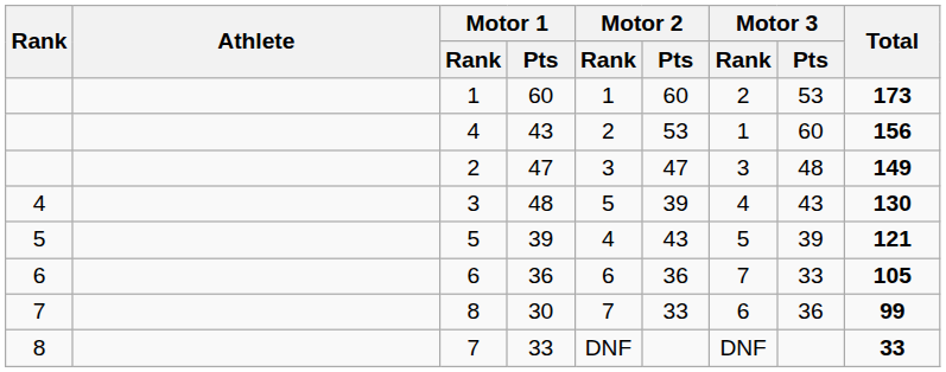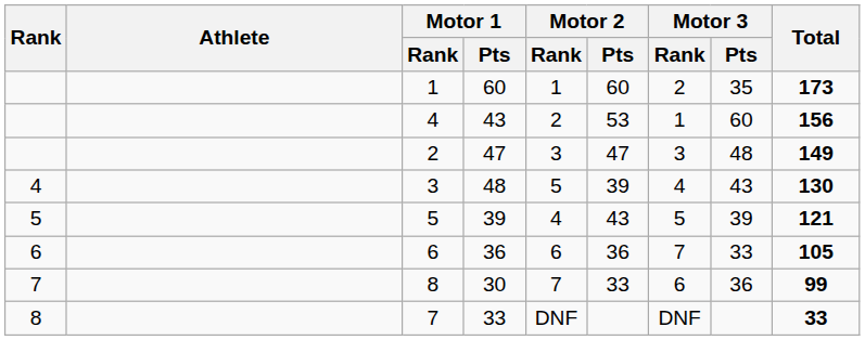 <table class=wikitable style="text-align:center">
 <tr>
 <th width=40 rowspan=2>Rank</th>
 <th width=250 rowspan=2>Athlete</th>
 <th colspan=2>Motor 1</th>
 <th colspan=2>Motor 2</th>
 <th colspan=2>Motor 3</th>
 <th width=60 rowspan=2>Total</th>
 </tr>
 <tr>
 <th width=40>Rank</th>
 <th width=40>Pts</th>
 <th width=40>Rank</th>
 <th width=40>Pts</th>
 <th width=40>Rank</th>
 <th width=40>Pts</th>
 </tr>
 <tr>
 <td></td>
 <td align=left></td>
 <td>1</td>
 <td>60</td>
 <td>1</td>
 <td>60</td>
 <td>2</td>
-<td>53</td>
+<td>35</td>
 <td><strong>173</strong></td>
 </tr>
 <tr>
 <td></td>
 <td align=left></td>
 <td>4</td>
 <td>43</td>
 <td>2</td>
 <td>53</td>
 <td>1</td>
 <td>60</td>
 <td><strong>156</strong></td>
 </tr>
 <tr>
 <td></td>
 <td align=left></td>
 <td>2</td>
 <td>47</td>
 <td>3</td>
 <td>47</td>
 <td>3</td>
 <td>48</td>
 <td><strong>149</strong></td>
 </tr>
 <tr>
 <td>4</td>
 <td align=left></td>
 <td>3</td>
 <td>48</td>
 <td>5</td>
 <td>39</td>
 <td>4</td>
 <td>43</td>
 <td><strong>130</strong></td>
 </tr>
 <tr>
 <td>5</td>
 <td align=left></td>
 <td>5</td>
 <td>39</td>
 <td>4</td>
 <td>43</td>
 <td>5</td>
 <td>39</td>
 <td><strong>121</strong></td>
 </tr>
 <tr>
 <td>6</td>
 <td align=left></td>
 <td>6</td>
 <td>36</td>
 <td>6</td>
 <td>36</td>
 <td>7</td>
 <td>33</td>
 <td><strong>105</strong></td>
 </tr>
 <tr>
 <td>7</td>
 <td align=left></td>
 <td>8</td>
 <td>30</td>
 <td>7</td>
 <td>33</td>
 <td>6</td>
 <td>36</td>
 <td><strong>99</strong></td>
 </tr>
 <tr>
 <td>8</td>
 <td align=left></td>
 <td>7</td>
 <td>33</td>
 <td>DNF</td>
 <td></td>
 <td>DNF</td>
 <td></td>
 <td><strong>33</strong></td>
 </tr>
 </table>
